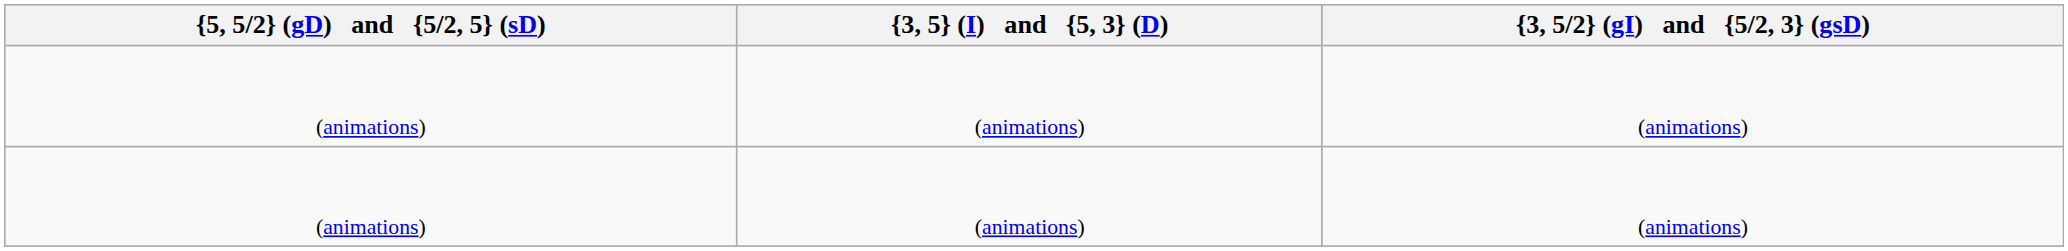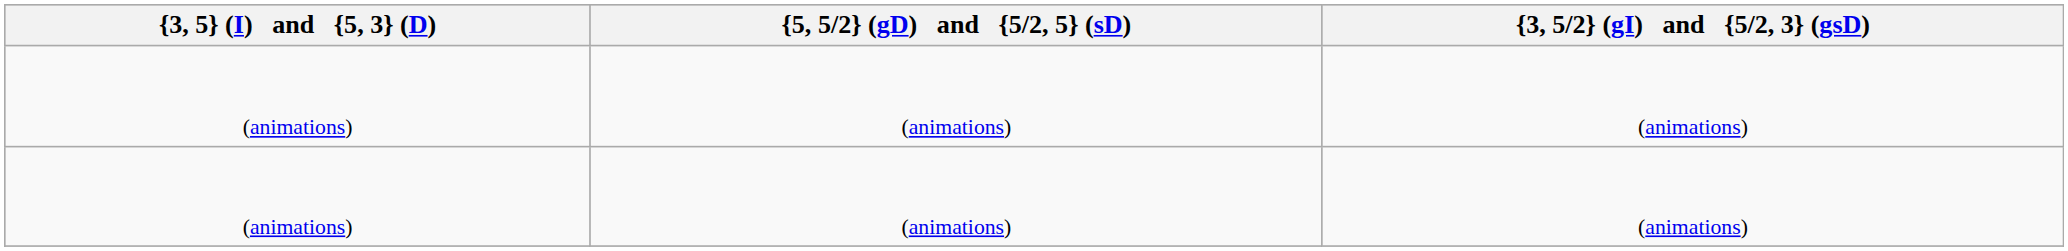 <table class="wikitable" style="width: 100%; text-align: center;">
 <tr>
+<th>{3, 5} (<a href='#'>I</a>)   and   {5, 3} (<a href='#'>D</a>)</th>
 <th>{5, 5/2} (<a href='#'>gD</a>)   and   {5/2, 5} (<a href='#'>sD</a>)</th>
-<th>{3, 5} (<a href='#'>I</a>)   and   {5, 3} (<a href='#'>D</a>)</th>
 <th>{3, 5/2} (<a href='#'>gI</a>)   and   {5/2, 3} (<a href='#'>gsD</a>)</th>
 </tr>
 <tr>
 <td><br><br><small>(<a href='#'>animations</a>)</small></td>
 <td><br><br><small>(<a href='#'>animations</a>)</small></td>
 <td><br><br><small>(<a href='#'>animations</a>)</small></td>
 </tr>
 <tr>
 <td><br><br><small>(<a href='#'>animations</a>)</small></td>
 <td><br><br><small>(<a href='#'>animations</a>)</small></td>
 <td><br><br><small>(<a href='#'>animations</a>)</small></td>
 </tr>
 </table>
